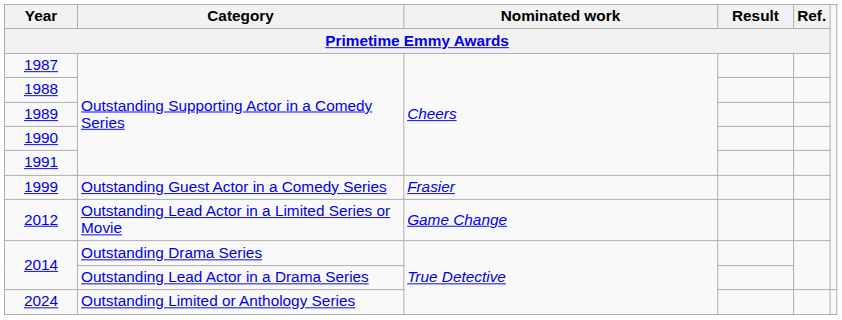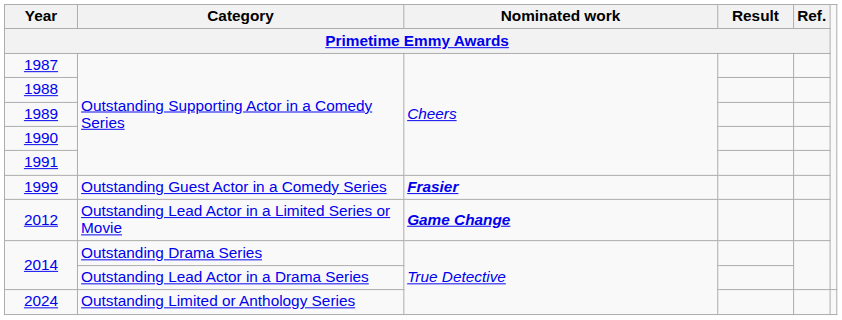 <table class=wikitable>
 <tr>
 <th scope="col" style="width:5em;">Year</th>
 <th scope="col" style="width:26em;">Category</th>
 <th scope="col" style="width:25em;">Nominated work</th>
 <th scope="col" style="width:5em;">Result</th>
 <th>Ref.</th>
 </tr>
 <tr>
 <th colspan=5><a href='#'>Primetime Emmy Awards</a></th>
 </tr>
 <tr>
 <td style="text-align:center;"><a href='#'>1987</a></td>
 <td rowspan=5><a href='#'>Outstanding Supporting Actor in a Comedy Series</a></td>
 <td rowspan=5><em><a href='#'>Cheers</a></em></td>
 <td></td>
 <td></td>
 </tr>
 <tr>
 <td style="text-align:center;"><a href='#'>1988</a></td>
 <td></td>
 <td></td>
 </tr>
 <tr>
 <td style="text-align:center;"><a href='#'>1989</a></td>
 <td></td>
 <td></td>
 </tr>
 <tr>
 <td style="text-align:center;"><a href='#'>1990</a></td>
 <td></td>
 <td></td>
 </tr>
 <tr>
 <td style="text-align:center;"><a href='#'>1991</a></td>
 <td></td>
 <td></td>
 </tr>
 <tr>
 <td style="text-align:center;"><a href='#'>1999</a></td>
 <td><a href='#'>Outstanding Guest Actor in a Comedy Series</a></td>
-<td><em><a href='#'>Frasier</a></em></td>
+<td><strong><em><a href='#'>Frasier</a></em></strong></td>
 <td></td>
 <td></td>
 </tr>
 <tr>
 <td style="text-align:center;"><a href='#'>2012</a></td>
 <td><a href='#'>Outstanding Lead Actor in a Limited Series or Movie</a></td>
-<td><em><a href='#'>Game Change</a></em></td>
+<td><strong><em><a href='#'>Game Change</a></em></strong></td>
 <td></td>
 <td></td>
 </tr>
 <tr>
 <td style="text-align:center;", rowspan=2><a href='#'>2014</a></td>
 <td><a href='#'>Outstanding Drama Series</a></td>
 <td rowspan=3><em><a href='#'>True Detective</a></em></td>
 <td></td>
 <td rowspan=2></td>
 </tr>
 <tr>
 <td><a href='#'>Outstanding Lead Actor in a Drama Series</a></td>
 <td></td>
 </tr>
 <tr>
 <td style="text-align:center;"><a href='#'>2024</a></td>
 <td><a href='#'>Outstanding Limited or Anthology Series</a></td>
 <td></td>
 <td></td>
 <td></td>
 </tr>
 </table>
